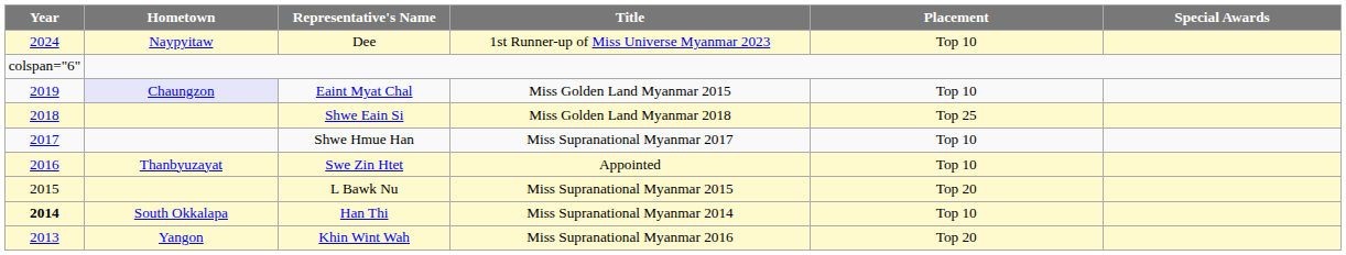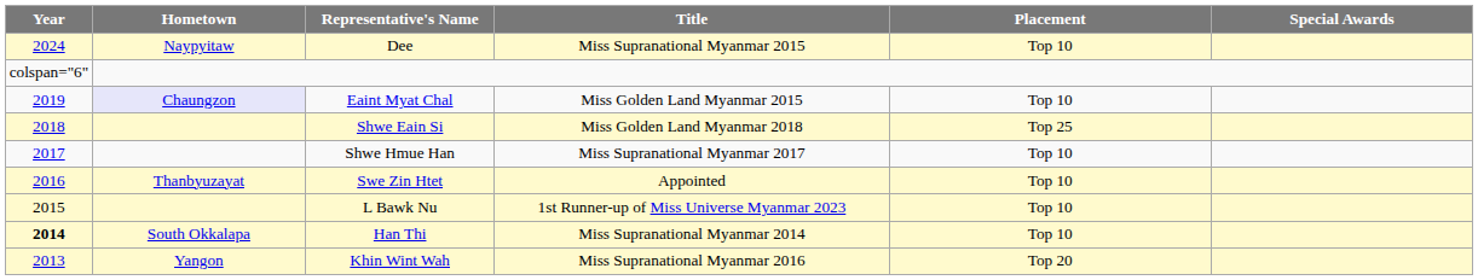 <table class="wikitable sortable" style="font-size: 83%; text-align:center">
 <tr>
 <th width="60" style="background-color:#787878;color:#FFFFFF;">Year</th>
 <th width="170" style="background-color:#787878;color:#FFFFFF;">Hometown</th>
 <th width="150" style="background-color:#787878;color:#FFFFFF;">Representative's Name</th>
 <th width="320" style="background-color:#787878;color:#FFFFFF;">Title</th>
 <th width="260" style="background-color:#787878;color:#FFFFFF;">Placement</th>
 <th width="210" style="background-color:#787878;color:#FFFFFF;">Special Awards</th>
 </tr>
 <tr style="background-color:#FFFACD;">
 <td><a href='#'>2024</a></td>
 <td> <a href='#'>Naypyitaw</a></td>
 <td>Dee</td>
-<td>1st Runner-up of <a href='#'>Miss Universe Myanmar 2023</a></td>
+<td>Miss Supranational Myanmar 2015</td>
 <td>Top 10</td>
 <td style="background:;"></td>
 </tr>
 <tr>
 <td>colspan="6" </td>
 </tr>
 <tr>
 <td><a href='#'>2019</a></td>
 <td style="background: lavender;"> <a href='#'>Chaungzon</a></td>
 <td><a href='#'>Eaint Myat Chal</a></td>
 <td>Miss Golden Land Myanmar 2015</td>
 <td>Top 10</td>
 <td></td>
 </tr>
 <tr style="background-color:#FFFACD;">
 <td><a href='#'>2018</a></td>
 <td></td>
 <td><a href='#'>Shwe Eain Si</a></td>
 <td>Miss Golden Land Myanmar 2018</td>
 <td>Top 25</td>
 <td style="background:;"></td>
 </tr>
 <tr>
 <td><a href='#'>2017</a></td>
 <td></td>
 <td>Shwe Hmue Han</td>
 <td>Miss Supranational Myanmar 2017</td>
 <td>Top 10</td>
 <td></td>
 </tr>
 <tr style="background-color:#FFFACD;">
 <td><a href='#'>2016</a></td>
 <td> <a href='#'>Thanbyuzayat</a></td>
 <td><a href='#'>Swe Zin Htet</a></td>
 <td>Appointed</td>
 <td>Top 10</td>
 <td style="background:;"></td>
 </tr>
 <tr style="background-color:#FFFACD;">
 <td>2015</td>
 <td></td>
 <td>L Bawk Nu</td>
-<td>Miss Supranational Myanmar 2015</td>
-<td>Top 20</td>
+<td>1st Runner-up of <a href='#'>Miss Universe Myanmar 2023</a></td>
+<td>Top 10</td>
 <td style="background:;"></td>
 </tr>
 <tr style="background-color:#FFFACD;">
 <td><strong>2014</strong></td>
 <td> <a href='#'>South Okkalapa</a></td>
 <td><a href='#'>Han Thi</a></td>
 <td>Miss Supranational Myanmar 2014</td>
 <td>Top 10</td>
 <td style="background:;"></td>
 </tr>
 <tr style="background-color:#FFFACD;">
 <td><a href='#'>2013</a></td>
 <td> <a href='#'>Yangon</a></td>
 <td><a href='#'>Khin Wint Wah</a></td>
 <td>Miss Supranational Myanmar 2016</td>
 <td>Top 20</td>
 <td style="background:;"></td>
 </tr>
 </table>
